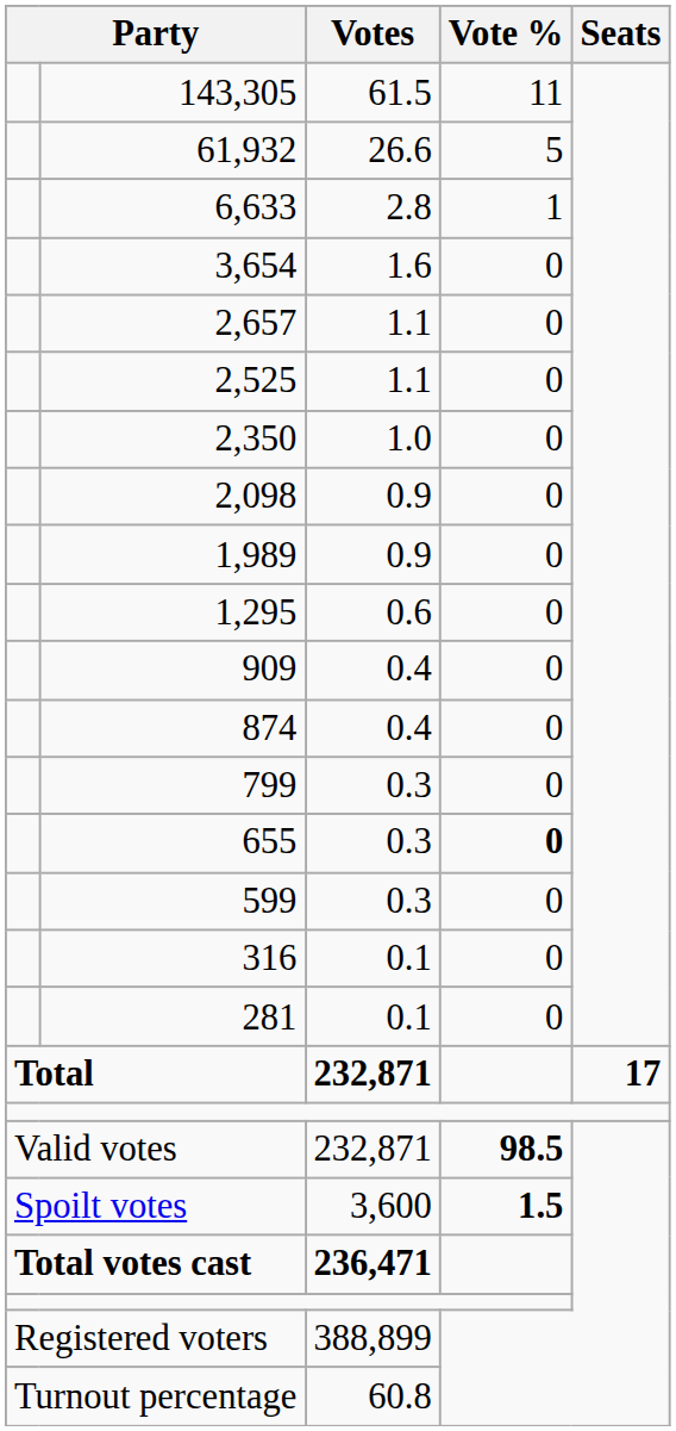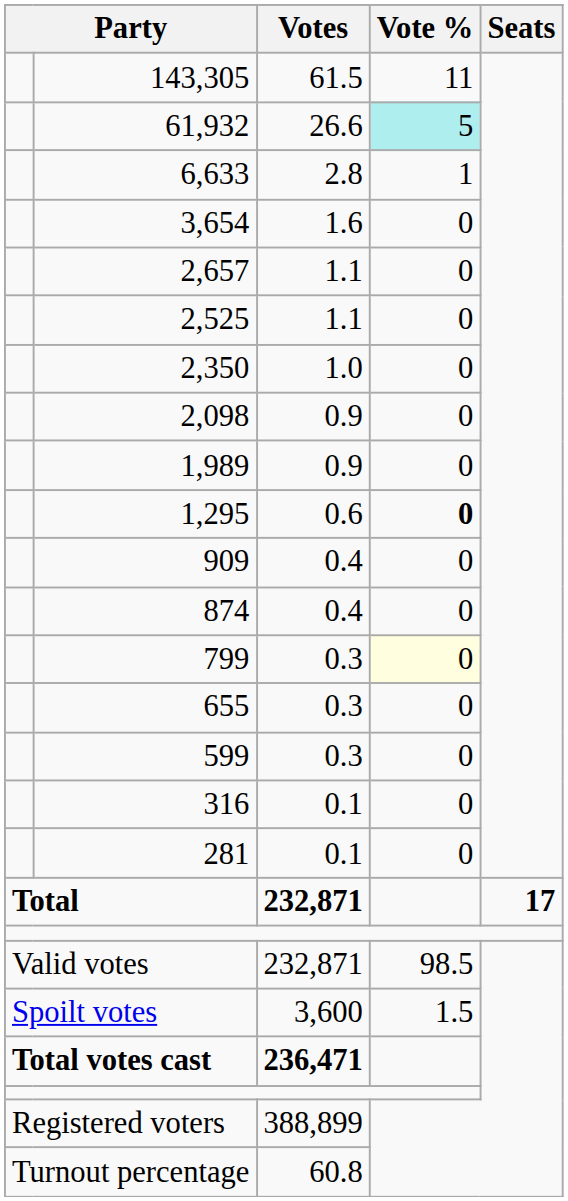 <table class=wikitable style="text-align:right">
 <tr>
 <th colspan=2>Party</th>
 <th>Votes</th>
 <th>Vote %</th>
 <th>Seats</th>
 </tr>
 <tr>
 <td></td>
 <td>143,305</td>
 <td>61.5</td>
 <td>11</td>
 </tr>
 <tr>
 <td></td>
 <td>61,932</td>
 <td>26.6</td>
-<td>5</td>
+<td style="background: paleturquoise;">5</td>
 </tr>
 <tr>
 <td></td>
 <td>6,633</td>
 <td>2.8</td>
 <td>1</td>
 </tr>
 <tr>
 <td></td>
 <td>3,654</td>
 <td>1.6</td>
 <td>0</td>
 </tr>
 <tr>
 <td></td>
 <td>2,657</td>
 <td>1.1</td>
 <td>0</td>
 </tr>
 <tr>
 <td></td>
 <td>2,525</td>
 <td>1.1</td>
 <td>0</td>
 </tr>
 <tr>
 <td></td>
 <td>2,350</td>
 <td>1.0</td>
 <td>0</td>
 </tr>
 <tr>
 <td></td>
 <td>2,098</td>
 <td>0.9</td>
 <td>0</td>
 </tr>
 <tr>
 <td></td>
 <td>1,989</td>
 <td>0.9</td>
 <td>0</td>
 </tr>
 <tr>
 <td></td>
 <td>1,295</td>
 <td>0.6</td>
-<td>0</td>
+<td><strong>0</strong></td>
 </tr>
 <tr>
 <td></td>
 <td>909</td>
 <td>0.4</td>
 <td>0</td>
 </tr>
 <tr>
 <td></td>
 <td>874</td>
 <td>0.4</td>
 <td>0</td>
 </tr>
 <tr>
 <td></td>
 <td>799</td>
 <td>0.3</td>
-<td>0</td>
+<td style="background: lightyellow;">0</td>
 </tr>
 <tr>
 <td></td>
 <td>655</td>
 <td>0.3</td>
-<td><strong>0</strong></td>
+<td>0</td>
 </tr>
 <tr>
 <td></td>
 <td>599</td>
 <td>0.3</td>
 <td>0</td>
 </tr>
 <tr>
 <td></td>
 <td>316</td>
 <td>0.1</td>
 <td>0</td>
 </tr>
 <tr>
 <td></td>
 <td>281</td>
 <td>0.1</td>
 <td>0</td>
 </tr>
 <tr>
 <td colspan=2 style="text-align:left"><strong>Total</strong></td>
 <td><strong>232,871</strong></td>
 <td></td>
 <td><strong>17</strong></td>
 </tr>
 <tr>
 <td colspan=5></td>
 </tr>
 <tr>
 <td colspan=2 style="text-align:left">Valid votes</td>
 <td>232,871</td>
-<td><strong>98.5</strong></td>
+<td>98.5</td>
 </tr>
 <tr>
 <td colspan=2 style="text-align:left"><a href='#'>Spoilt votes</a></td>
 <td>3,600</td>
-<td><strong>1.5</strong></td>
+<td>1.5</td>
 </tr>
 <tr>
 <td colspan=2 style="text-align:left"><strong>Total votes cast</strong></td>
 <td><strong>236,471</strong></td>
 <td></td>
 </tr>
 <tr>
 <td colspan="4"></td>
 </tr>
 <tr>
 <td colspan=2 style="text-align:left">Registered voters</td>
 <td>388,899</td>
 </tr>
 <tr>
 <td colspan=2 style="text-align:left">Turnout percentage</td>
 <td>60.8</td>
 </tr>
 </table>
